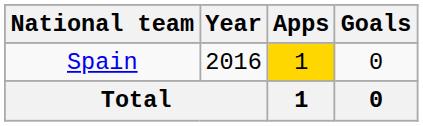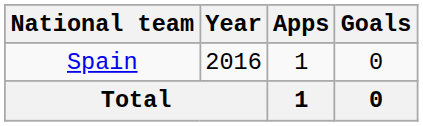 <table class=wikitable style="text-align: center;">
 <tr>
 <th>National team</th>
 <th>Year</th>
 <th>Apps</th>
 <th>Goals</th>
 </tr>
 <tr>
 <td rowspan="1"><a href='#'>Spain</a></td>
 <td>2016</td>
-<td style="background: gold;">1</td>
+<td>1</td>
 <td>0</td>
 </tr>
 <tr>
 <th colspan="2">Total</th>
 <th>1</th>
 <th>0</th>
 </tr>
 </table>
